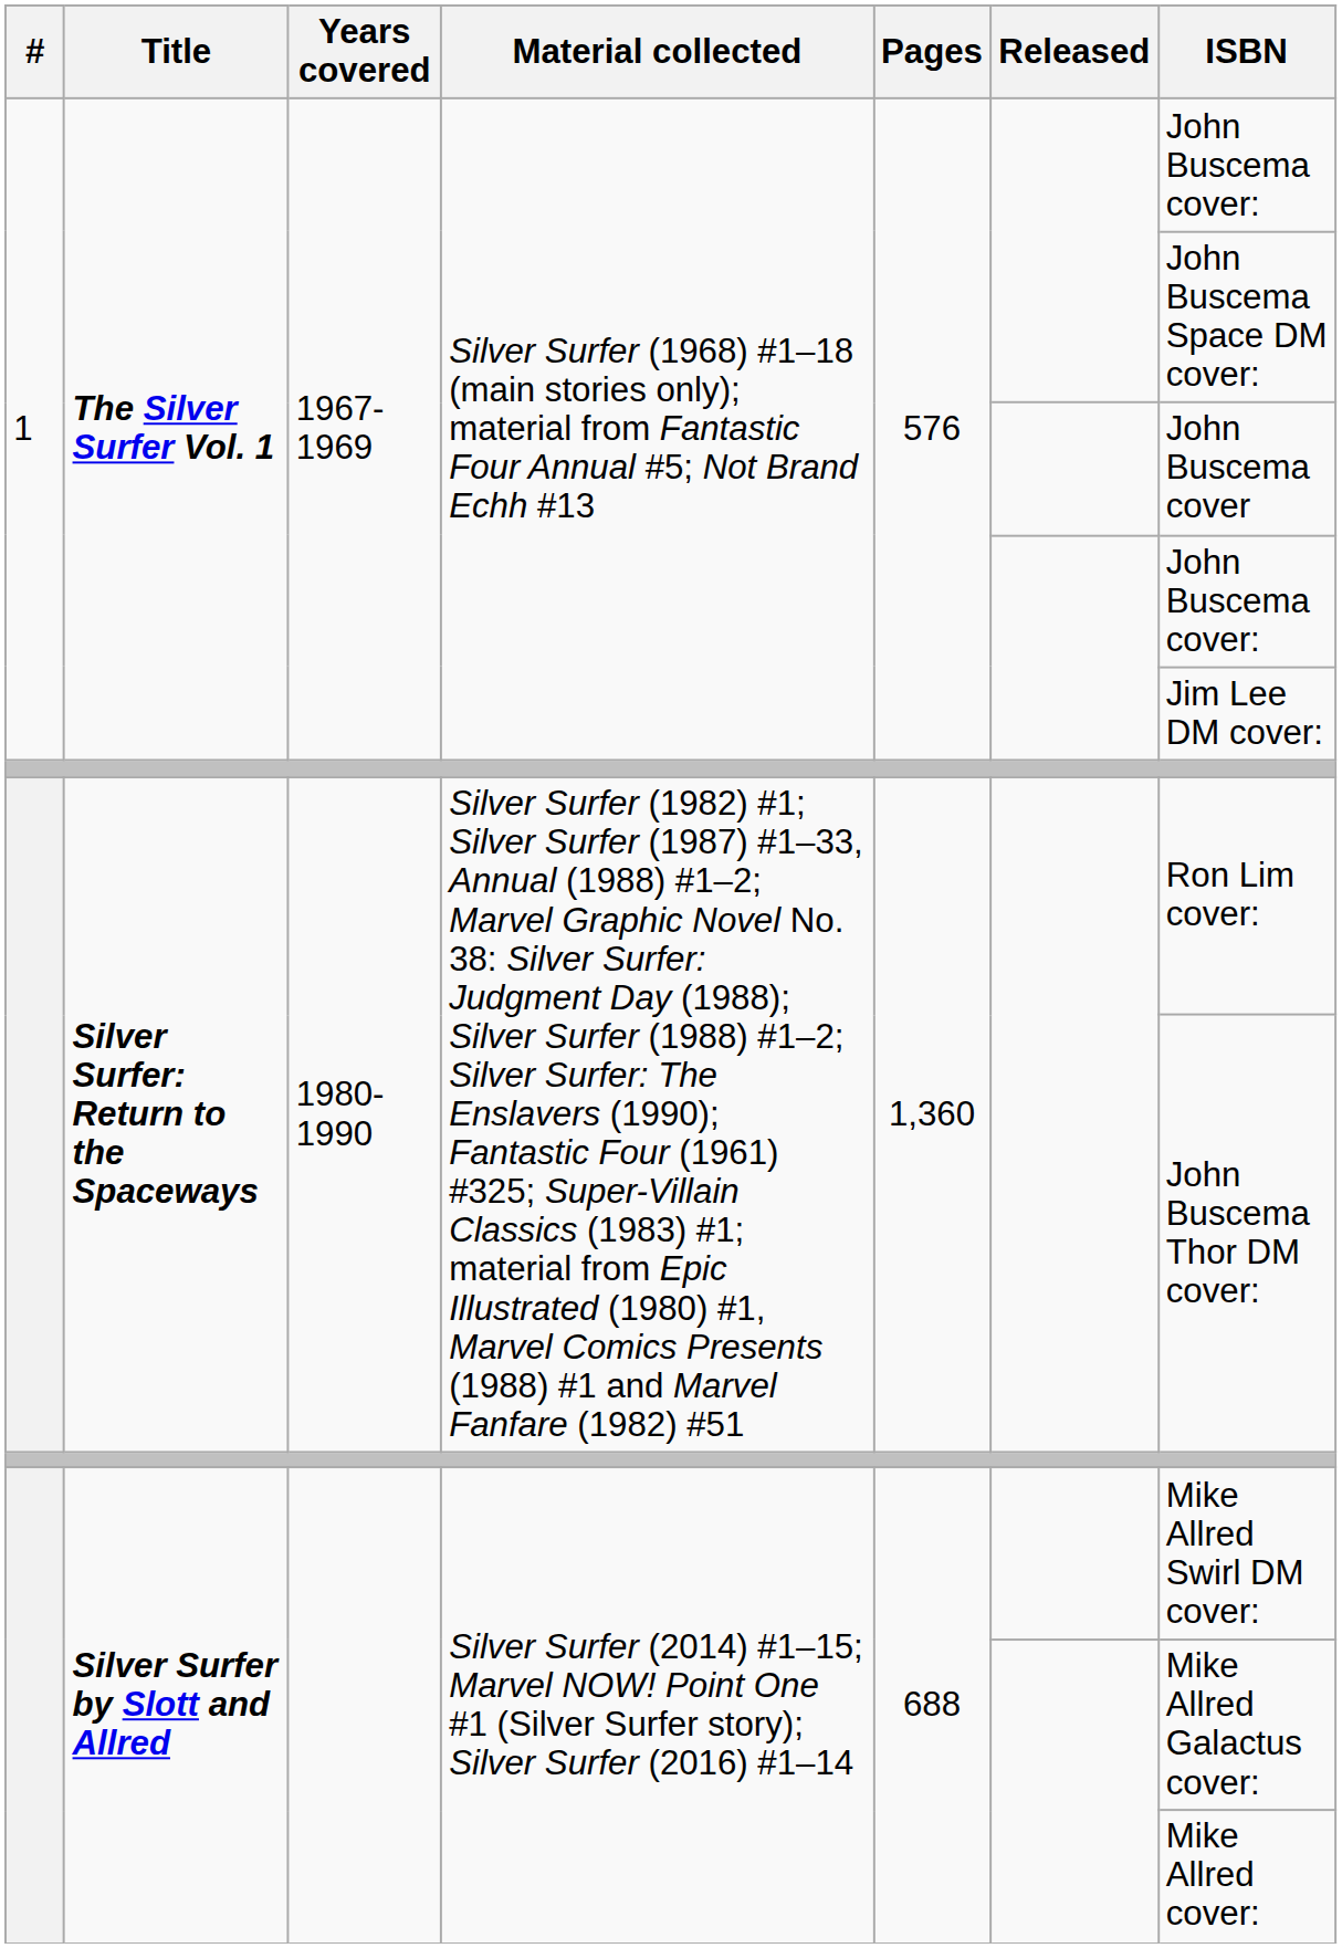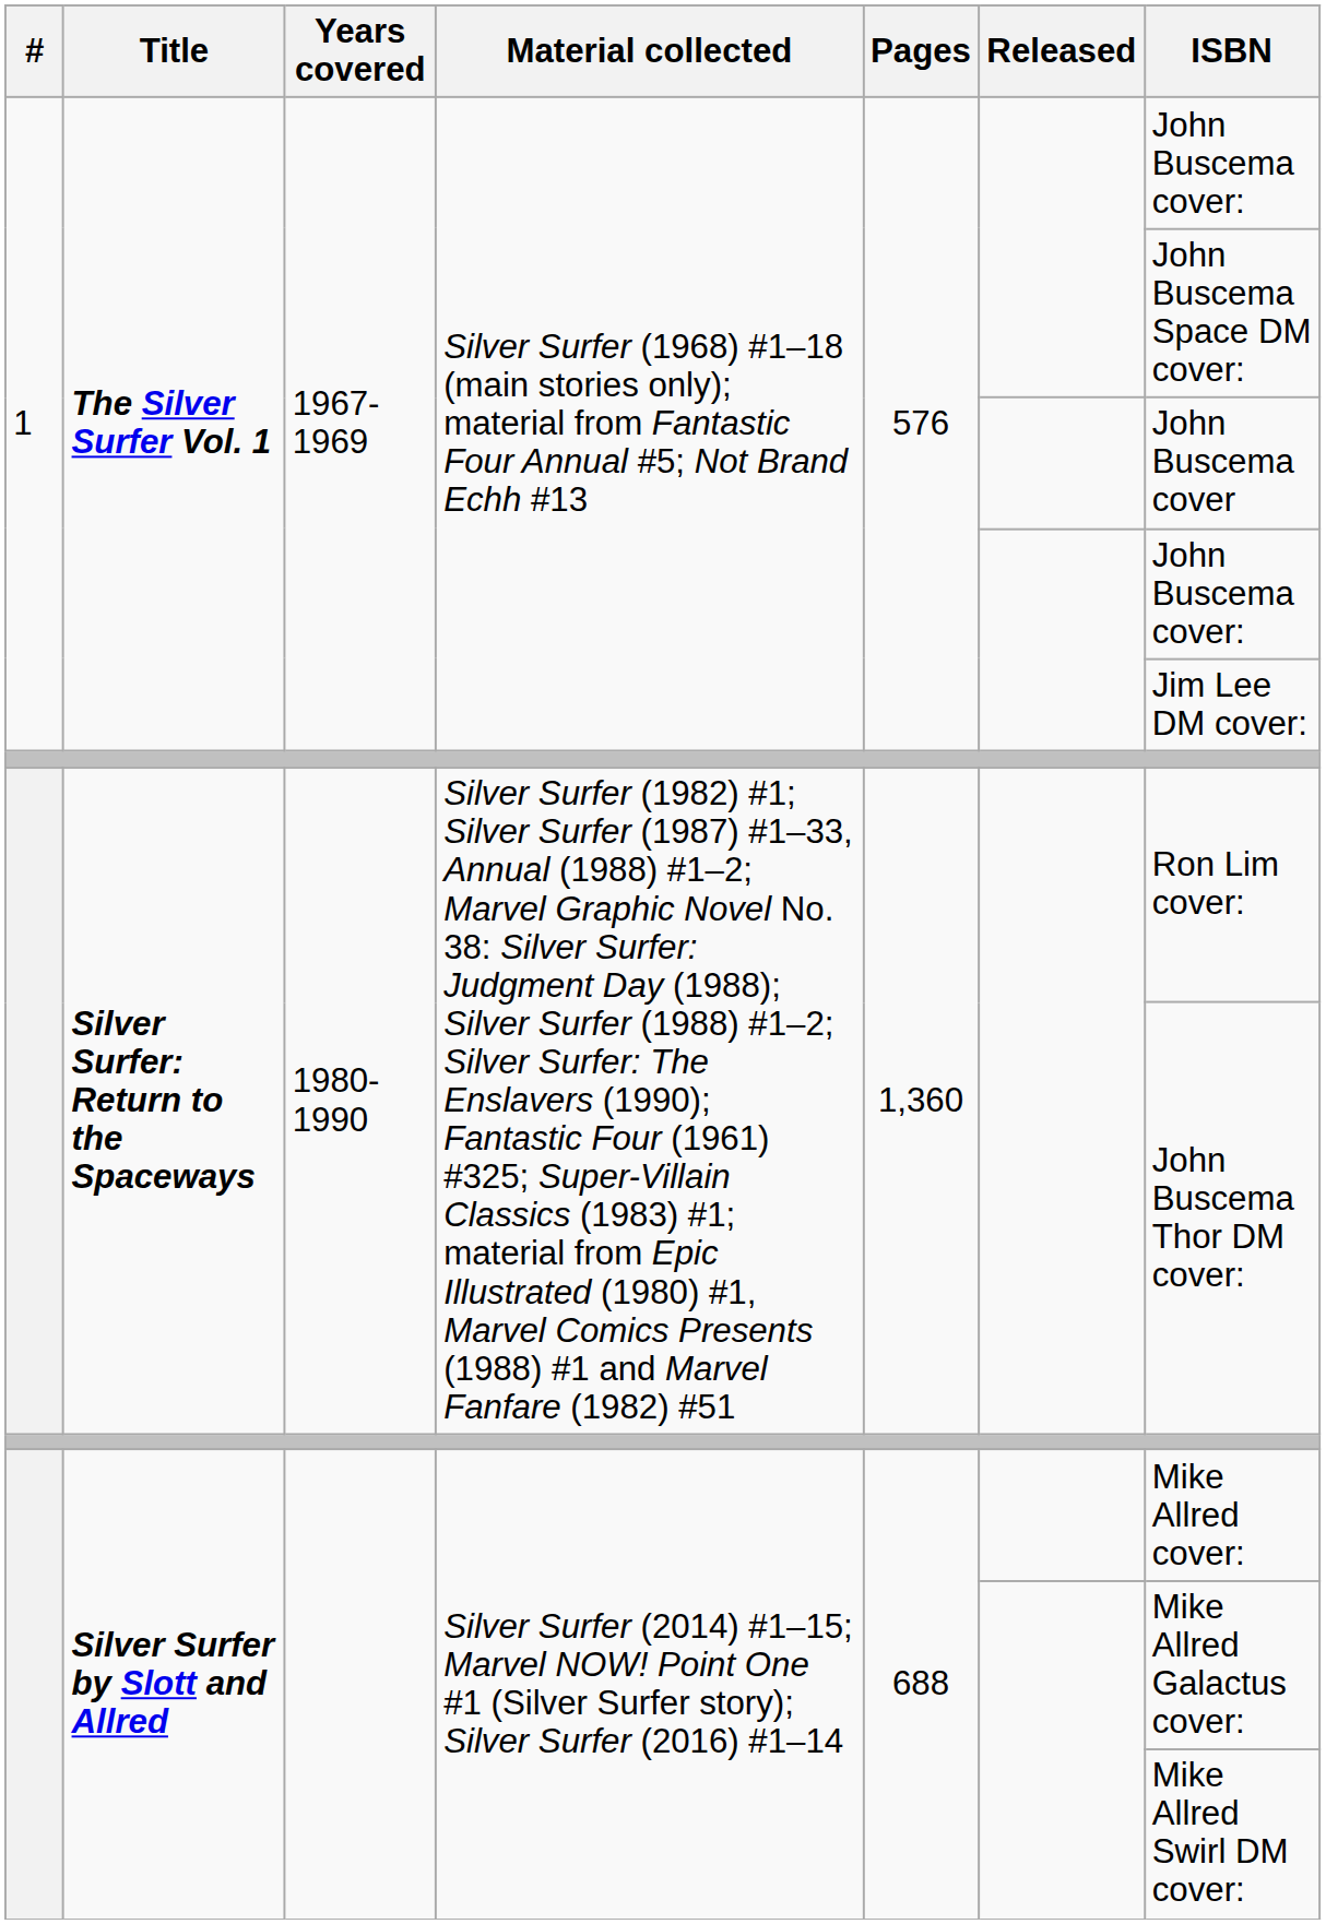 <table class="wikitable sortable" width="99%">
 <tr>
 <th class="unsortable" width="20px">#</th>
 <th>Title</th>
 <th>Years covered</th>
 <th class="unsortable">Material collected</th>
 <th>Pages</th>
 <th>Released</th>
 <th class="unsortable">ISBN</th>
 </tr>
 <tr>
 <td rowspan=5>1</td>
 <td rowspan=5><strong><em>The <a href='#'>Silver Surfer</a> Vol. 1</em></strong></td>
 <td rowspan=5>1967-1969</td>
 <td rowspan=5><em>Silver Surfer</em> (1968) #1–18 (main stories only); material from <em>Fantastic Four Annual</em> #5; <em>Not Brand Echh</em> #13</td>
 <td rowspan=5 style="text-align: center;">576</td>
 <td rowspan=2></td>
 <td>John Buscema cover: </td>
 </tr>
 <tr>
 <td>John Buscema Space DM cover: </td>
 </tr>
 <tr>
 <td></td>
 <td>John Buscema cover </td>
 </tr>
 <tr>
 <td rowspan=2></td>
 <td>John Buscema cover: </td>
 </tr>
 <tr>
 <td>Jim Lee DM cover: </td>
 </tr>
 <tr>
 <th colspan=7 style="background-color: silver;"></th>
 </tr>
 <tr>
 <th rowspan=2 style="background-color: light grey;"></th>
 <td rowspan=2><strong><em>Silver Surfer: Return to the Spaceways</em></strong></td>
 <td rowspan=2>1980-1990</td>
 <td rowspan=2><em>Silver Surfer</em> (1982) #1; <em>Silver Surfer</em> (1987) #1–33, <em>Annual</em> (1988) #1–2; <em>Marvel Graphic Novel</em> No. 38: <em>Silver Surfer: Judgment Day</em> (1988); <em>Silver Surfer</em> (1988) #1–2; <em>Silver Surfer: The Enslavers</em> (1990); <em>Fantastic Four</em> (1961) #325; <em>Super-Villain Classics</em> (1983) #1; material from <em>Epic Illustrated</em> (1980) #1, <em>Marvel Comics Presents</em> (1988) #1 and <em>Marvel Fanfare</em> (1982) #51</td>
 <td rowspan=2 style="text-align: center;">1,360</td>
 <td rowspan=2></td>
 <td>Ron Lim cover: </td>
 </tr>
 <tr>
 <td>John Buscema Thor DM cover: </td>
 </tr>
 <tr>
 <th colspan=7 style="background-color: silver;"></th>
 </tr>
 <tr>
 <th rowspan=3 style="background-color: light grey;"></th>
 <td rowspan=3><strong><em>Silver Surfer by <a href='#'>Slott</a> and <a href='#'>Allred</a></em></strong></td>
 <td rowspan=3></td>
 <td rowspan=3><em>Silver Surfer</em> (2014) #1–15; <em>Marvel NOW! Point One</em> #1 (Silver Surfer story); <em>Silver Surfer</em> (2016) #1–14</td>
 <td rowspan=3 style="text-align: center;">688</td>
 <td></td>
-<td>Mike Allred Swirl DM cover: </td>
+<td>Mike Allred cover: </td>
 </tr>
 <tr>
 <td rowspan=2></td>
 <td>Mike Allred Galactus cover: </td>
 </tr>
 <tr>
-<td>Mike Allred cover: </td>
+<td>Mike Allred Swirl DM cover: </td>
 </tr>
 </table>
